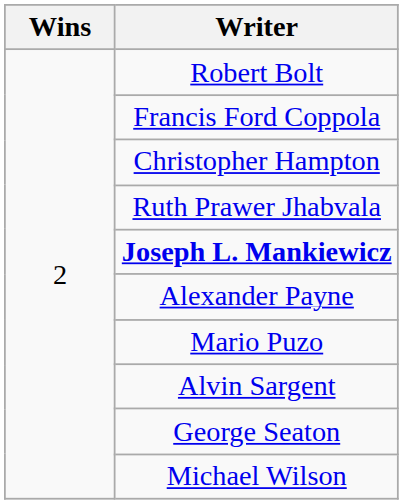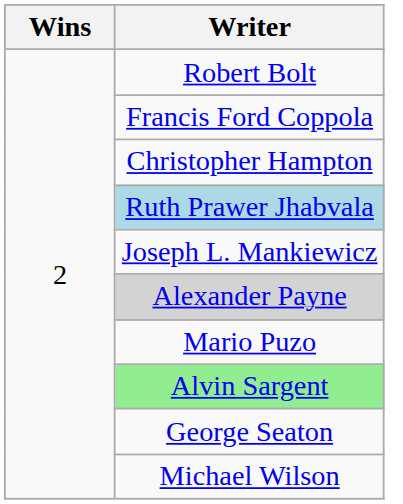 <table class="wikitable" style="text-align:center;">
 <tr>
 <th scope="col" width="55">Wins</th>
 <th scope="col" align="center">Writer</th>
 </tr>
 <tr>
 <td rowspan=10 style="text-align:center;">2</td>
 <td><a href='#'>Robert Bolt</a></td>
 </tr>
 <tr>
 <td><a href='#'>Francis Ford Coppola</a></td>
 </tr>
 <tr>
 <td><a href='#'>Christopher Hampton</a></td>
 </tr>
 <tr>
-<td><a href='#'>Ruth Prawer Jhabvala</a></td>
+<td style="background: lightblue;"><a href='#'>Ruth Prawer Jhabvala</a></td>
 </tr>
 <tr>
-<td><strong><a href='#'>Joseph L. Mankiewicz</a></strong></td>
+<td><a href='#'>Joseph L. Mankiewicz</a></td>
 </tr>
 <tr>
-<td><a href='#'>Alexander Payne</a></td>
+<td style="background: lightgrey;"><a href='#'>Alexander Payne</a></td>
 </tr>
 <tr>
 <td><a href='#'>Mario Puzo</a></td>
 </tr>
 <tr>
-<td><a href='#'>Alvin Sargent</a></td>
+<td style="background: lightgreen;"><a href='#'>Alvin Sargent</a></td>
 </tr>
 <tr>
 <td><a href='#'>George Seaton</a></td>
 </tr>
 <tr>
 <td><a href='#'>Michael Wilson</a></td>
 </tr>
 </table>
